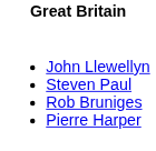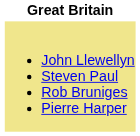 <table>
 <tr>
 <th>Great Britain</th>
 </tr>
 <tr>
-<td><br><ul><li><a href='#'>John Llewellyn</a></li><li><a href='#'>Steven Paul</a></li><li><a href='#'>Rob Bruniges</a></li><li><a href='#'>Pierre Harper</a></li></ul></td>
+<td style="background: khaki;"><br><ul><li><a href='#'>John Llewellyn</a></li><li><a href='#'>Steven Paul</a></li><li><a href='#'>Rob Bruniges</a></li><li><a href='#'>Pierre Harper</a></li></ul></td>
 </tr>
 </table>
